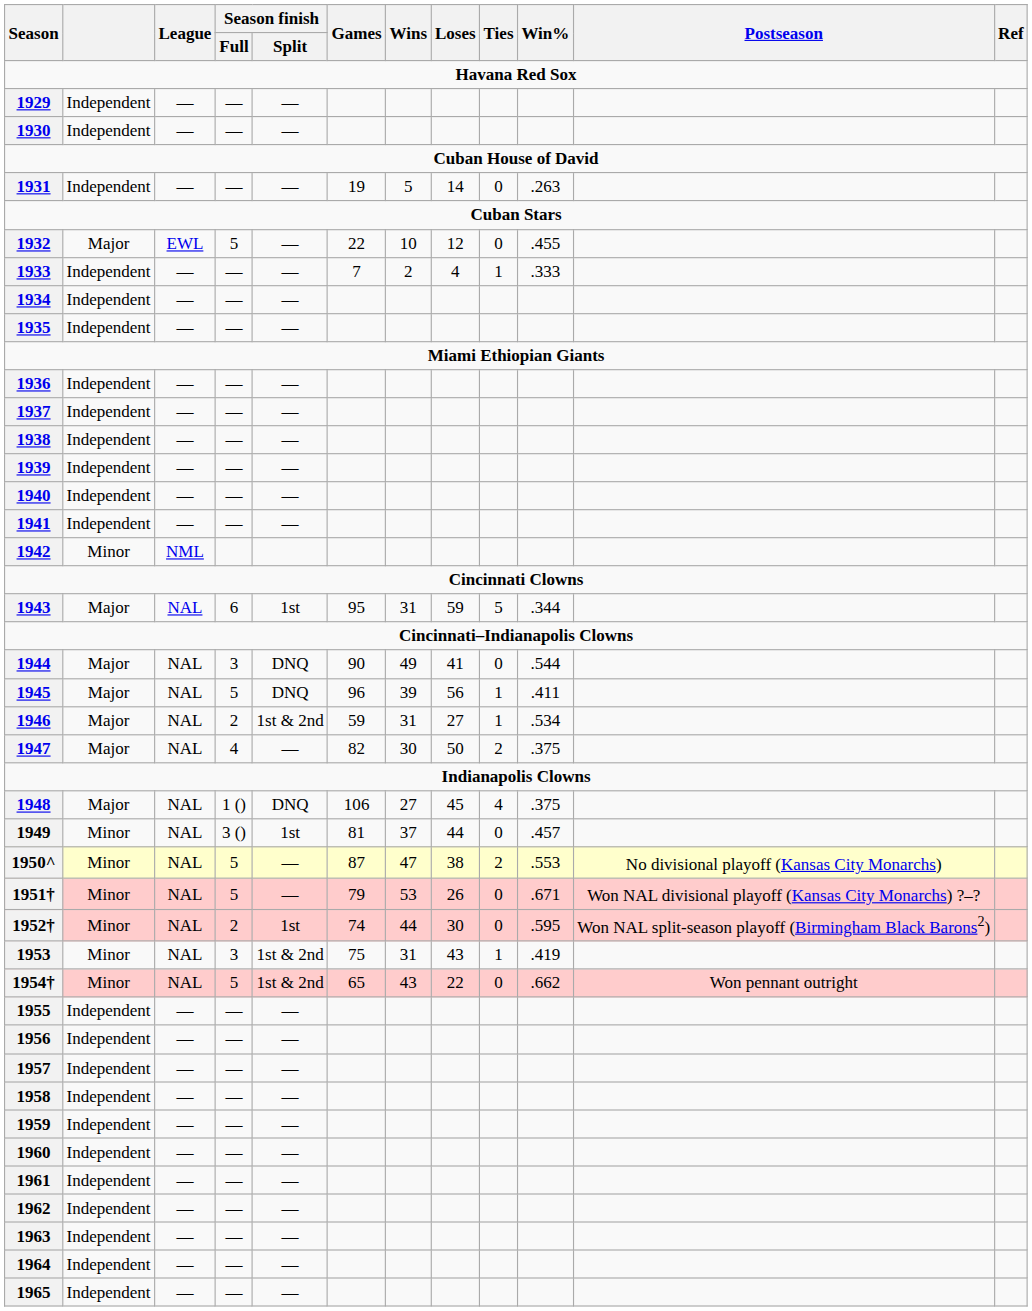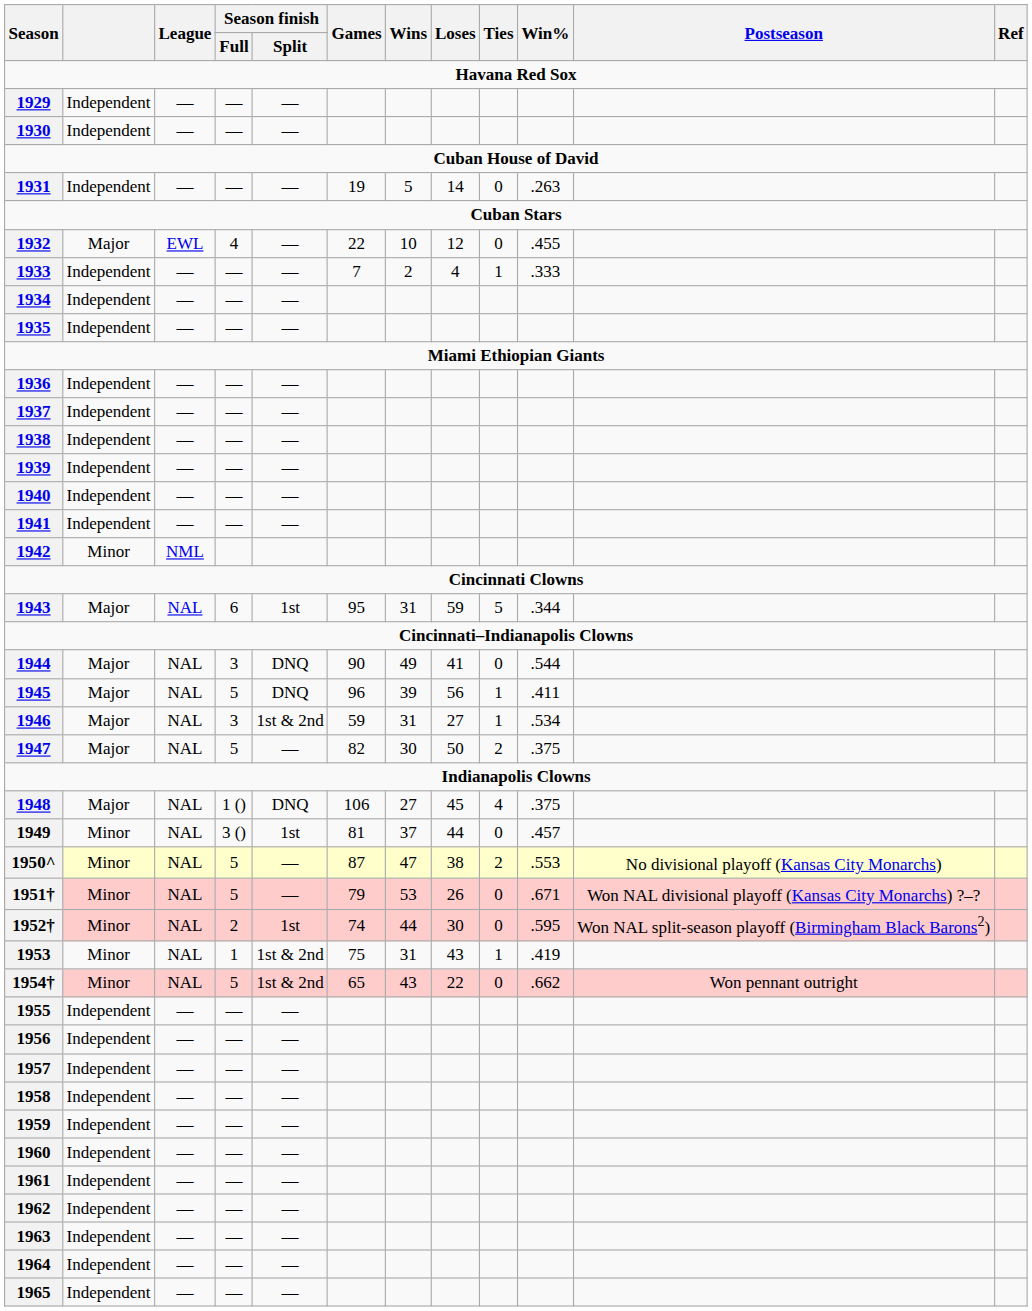 <table class="wikitable sortable" style="text-align:center; font-size:95%">
 <tr>
 <th rowspan="2">Season</th>
 <th rowspan="2"></th>
 <th rowspan="2">League</th>
 <th colspan="2">Season finish</th>
 <th rowspan="2">Games</th>
 <th rowspan="2">Wins</th>
 <th rowspan="2">Loses</th>
 <th rowspan="2">Ties</th>
 <th rowspan="2">Win%</th>
 <th rowspan="2"><a href='#'>Postseason</a></th>
 <th rowspan="2">Ref</th>
 </tr>
 <tr>
 <th>Full</th>
 <th>Split</th>
 </tr>
 <tr>
 <td align="center" colspan="12"><strong>Havana Red Sox</strong></td>
 </tr>
 <tr>
 <th><a href='#'>1929</a></th>
 <td>Independent</td>
 <td>—</td>
 <td>—</td>
 <td>—</td>
 <td></td>
 <td></td>
 <td></td>
 <td></td>
 <td></td>
 <td></td>
 <td></td>
 </tr>
 <tr>
 <th><a href='#'>1930</a></th>
 <td>Independent</td>
 <td>—</td>
 <td>—</td>
 <td>—</td>
 <td></td>
 <td></td>
 <td></td>
 <td></td>
 <td></td>
 <td></td>
 <td></td>
 </tr>
 <tr>
 <td align="center" colspan="12"><strong>Cuban House of David</strong></td>
 </tr>
 <tr>
 <th><a href='#'>1931</a></th>
 <td>Independent</td>
 <td>—</td>
 <td>—</td>
 <td>—</td>
 <td>19</td>
 <td>5</td>
 <td>14</td>
 <td>0</td>
 <td>.263</td>
 <td></td>
 <td></td>
 </tr>
 <tr>
 <td align="center" colspan="12"><strong>Cuban Stars</strong></td>
 </tr>
 <tr>
 <th><a href='#'>1932</a></th>
 <td>Major</td>
 <td><a href='#'>EWL</a></td>
-<td>5</td>
+<td>4</td>
 <td>—</td>
 <td>22</td>
 <td>10</td>
 <td>12</td>
 <td>0</td>
 <td>.455</td>
 <td></td>
 <td></td>
 </tr>
 <tr>
 <th><a href='#'>1933</a></th>
 <td>Independent</td>
 <td>—</td>
 <td>—</td>
 <td>—</td>
 <td>7</td>
 <td>2</td>
 <td>4</td>
 <td>1</td>
 <td>.333</td>
 <td></td>
 <td></td>
 </tr>
 <tr>
 <th><a href='#'>1934</a></th>
 <td>Independent</td>
 <td>—</td>
 <td>—</td>
 <td>—</td>
 <td></td>
 <td></td>
 <td></td>
 <td></td>
 <td></td>
 <td></td>
 <td></td>
 </tr>
 <tr>
 <th><a href='#'>1935</a></th>
 <td>Independent</td>
 <td>—</td>
 <td>—</td>
 <td>—</td>
 <td></td>
 <td></td>
 <td></td>
 <td></td>
 <td></td>
 <td></td>
 <td></td>
 </tr>
 <tr>
 <td align="center" colspan="12"><strong>Miami Ethiopian Giants</strong></td>
 </tr>
 <tr>
 <th><a href='#'>1936</a></th>
 <td>Independent</td>
 <td>—</td>
 <td>—</td>
 <td>—</td>
 <td></td>
 <td></td>
 <td></td>
 <td></td>
 <td></td>
 <td></td>
 <td></td>
 </tr>
 <tr>
 <th><a href='#'>1937</a></th>
 <td>Independent</td>
 <td>—</td>
 <td>—</td>
 <td>—</td>
 <td></td>
 <td></td>
 <td></td>
 <td></td>
 <td></td>
 <td></td>
 <td></td>
 </tr>
 <tr>
 <th><a href='#'>1938</a></th>
 <td>Independent</td>
 <td>—</td>
 <td>—</td>
 <td>—</td>
 <td></td>
 <td></td>
 <td></td>
 <td></td>
 <td></td>
 <td></td>
 <td></td>
 </tr>
 <tr>
 <th><a href='#'>1939</a></th>
 <td>Independent</td>
 <td>—</td>
 <td>—</td>
 <td>—</td>
 <td></td>
 <td></td>
 <td></td>
 <td></td>
 <td></td>
 <td></td>
 <td></td>
 </tr>
 <tr>
 <th><a href='#'>1940</a></th>
 <td>Independent</td>
 <td>—</td>
 <td>—</td>
 <td>—</td>
 <td></td>
 <td></td>
 <td></td>
 <td></td>
 <td></td>
 <td></td>
 <td></td>
 </tr>
 <tr>
 <th><a href='#'>1941</a></th>
 <td>Independent</td>
 <td>—</td>
 <td>—</td>
 <td>—</td>
 <td></td>
 <td></td>
 <td></td>
 <td></td>
 <td></td>
 <td></td>
 <td></td>
 </tr>
 <tr>
 <th><a href='#'>1942</a></th>
 <td>Minor</td>
 <td><a href='#'>NML</a></td>
 <td></td>
 <td></td>
 <td></td>
 <td></td>
 <td></td>
 <td></td>
 <td></td>
 <td></td>
 <td></td>
 </tr>
 <tr>
 <td align="center" colspan="12"><strong>Cincinnati Clowns</strong></td>
 </tr>
 <tr>
 <th><a href='#'>1943</a></th>
 <td>Major</td>
 <td><a href='#'>NAL</a></td>
 <td>6</td>
 <td>1st</td>
 <td>95</td>
 <td>31</td>
 <td>59</td>
 <td>5</td>
 <td>.344</td>
 <td></td>
 <td></td>
 </tr>
 <tr>
 <td align="center" colspan="12"><strong>Cincinnati–Indianapolis Clowns</strong></td>
 </tr>
 <tr>
 <th><a href='#'>1944</a></th>
 <td>Major</td>
 <td>NAL</td>
 <td>3</td>
 <td>DNQ</td>
 <td>90</td>
 <td>49</td>
 <td>41</td>
 <td>0</td>
 <td>.544</td>
 <td></td>
 <td></td>
 </tr>
 <tr>
 <th><a href='#'>1945</a></th>
 <td>Major</td>
 <td>NAL</td>
 <td>5</td>
 <td>DNQ</td>
 <td>96</td>
 <td>39</td>
 <td>56</td>
 <td>1</td>
 <td>.411</td>
 <td></td>
 <td></td>
 </tr>
 <tr>
 <th><a href='#'>1946</a></th>
 <td>Major</td>
 <td>NAL</td>
-<td>2</td>
+<td>3</td>
 <td>1st & 2nd</td>
 <td>59</td>
 <td>31</td>
 <td>27</td>
 <td>1</td>
 <td>.534</td>
 <td></td>
 <td></td>
 </tr>
 <tr>
 <th><a href='#'>1947</a></th>
 <td>Major</td>
 <td>NAL</td>
-<td>4</td>
+<td>5</td>
 <td>—</td>
 <td>82</td>
 <td>30</td>
 <td>50</td>
 <td>2</td>
 <td>.375</td>
 <td></td>
 <td></td>
 </tr>
 <tr>
 <td align="center" colspan="12"><strong>Indianapolis Clowns</strong></td>
 </tr>
 <tr>
 <th><a href='#'>1948</a></th>
 <td>Major</td>
 <td>NAL</td>
 <td>1 ()</td>
 <td>DNQ</td>
 <td>106</td>
 <td>27</td>
 <td>45</td>
 <td>4</td>
 <td>.375</td>
 <td></td>
 <td></td>
 </tr>
 <tr>
 <th>1949</th>
 <td>Minor</td>
 <td>NAL</td>
 <td>3 ()</td>
 <td>1st</td>
 <td>81</td>
 <td>37</td>
 <td>44</td>
 <td>0</td>
 <td>.457</td>
 <td></td>
 <td></td>
 </tr>
 <tr bgcolor="#FFFFCC">
 <th>1950^</th>
 <td>Minor</td>
 <td>NAL</td>
 <td>5</td>
 <td>—</td>
 <td>87</td>
 <td>47</td>
 <td>38</td>
 <td>2</td>
 <td>.553</td>
 <td>No divisional playoff (<a href='#'>Kansas City Monarchs</a><sup></sup>)</td>
 <td></td>
 </tr>
 <tr bgcolor="#FFCCCC">
 <th>1951†</th>
 <td>Minor</td>
 <td>NAL</td>
 <td>5</td>
 <td>—</td>
 <td>79</td>
 <td>53</td>
 <td>26</td>
 <td>0</td>
 <td>.671</td>
 <td>Won NAL divisional playoff (<a href='#'>Kansas City Monarchs</a><sup></sup>) ?–?</td>
 <td></td>
 </tr>
 <tr bgcolor="#FFCCCC">
 <th>1952†</th>
 <td>Minor</td>
 <td>NAL</td>
 <td>2</td>
 <td>1st</td>
 <td>74</td>
 <td>44</td>
 <td>30</td>
 <td>0</td>
 <td>.595</td>
 <td>Won NAL split-season playoff (<a href='#'>Birmingham Black Barons</a><sup>2</sup>)</td>
 <td></td>
 </tr>
 <tr>
 <th>1953</th>
 <td>Minor</td>
 <td>NAL</td>
-<td>3</td>
+<td>1</td>
 <td>1st & 2nd</td>
 <td>75</td>
 <td>31</td>
 <td>43</td>
 <td>1</td>
 <td>.419</td>
 <td></td>
 <td></td>
 </tr>
 <tr bgcolor="#FFCCCC">
 <th>1954†</th>
 <td>Minor</td>
 <td>NAL</td>
 <td>5</td>
 <td>1st & 2nd</td>
 <td>65</td>
 <td>43</td>
 <td>22</td>
 <td>0</td>
 <td>.662</td>
 <td>Won pennant outright</td>
 <td></td>
 </tr>
 <tr>
 <th>1955</th>
 <td>Independent</td>
 <td>—</td>
 <td>—</td>
 <td>—</td>
 <td></td>
 <td></td>
 <td></td>
 <td></td>
 <td></td>
 <td></td>
 <td></td>
 </tr>
 <tr>
 <th>1956</th>
 <td>Independent</td>
 <td>—</td>
 <td>—</td>
 <td>—</td>
 <td></td>
 <td></td>
 <td></td>
 <td></td>
 <td></td>
 <td></td>
 <td></td>
 </tr>
 <tr>
 <th>1957</th>
 <td>Independent</td>
 <td>—</td>
 <td>—</td>
 <td>—</td>
 <td></td>
 <td></td>
 <td></td>
 <td></td>
 <td></td>
 <td></td>
 <td></td>
 </tr>
 <tr>
 <th>1958</th>
 <td>Independent</td>
 <td>—</td>
 <td>—</td>
 <td>—</td>
 <td></td>
 <td></td>
 <td></td>
 <td></td>
 <td></td>
 <td></td>
 <td></td>
 </tr>
 <tr>
 <th>1959</th>
 <td>Independent</td>
 <td>—</td>
 <td>—</td>
 <td>—</td>
 <td></td>
 <td></td>
 <td></td>
 <td></td>
 <td></td>
 <td></td>
 <td></td>
 </tr>
 <tr>
 <th>1960</th>
 <td>Independent</td>
 <td>—</td>
 <td>—</td>
 <td>—</td>
 <td></td>
 <td></td>
 <td></td>
 <td></td>
 <td></td>
 <td></td>
 <td></td>
 </tr>
 <tr>
 <th>1961</th>
 <td>Independent</td>
 <td>—</td>
 <td>—</td>
 <td>—</td>
 <td></td>
 <td></td>
 <td></td>
 <td></td>
 <td></td>
 <td></td>
 <td></td>
 </tr>
 <tr>
 <th>1962</th>
 <td>Independent</td>
 <td>—</td>
 <td>—</td>
 <td>—</td>
 <td></td>
 <td></td>
 <td></td>
 <td></td>
 <td></td>
 <td></td>
 <td></td>
 </tr>
 <tr>
 <th>1963</th>
 <td>Independent</td>
 <td>—</td>
 <td>—</td>
 <td>—</td>
 <td></td>
 <td></td>
 <td></td>
 <td></td>
 <td></td>
 <td></td>
 <td></td>
 </tr>
 <tr>
 <th>1964</th>
 <td>Independent</td>
 <td>—</td>
 <td>—</td>
 <td>—</td>
 <td></td>
 <td></td>
 <td></td>
 <td></td>
 <td></td>
 <td></td>
 <td></td>
 </tr>
 <tr>
 <th>1965</th>
 <td>Independent</td>
 <td>—</td>
 <td>—</td>
 <td>—</td>
 <td></td>
 <td></td>
 <td></td>
 <td></td>
 <td></td>
 <td></td>
 <td></td>
 </tr>
 </table>
